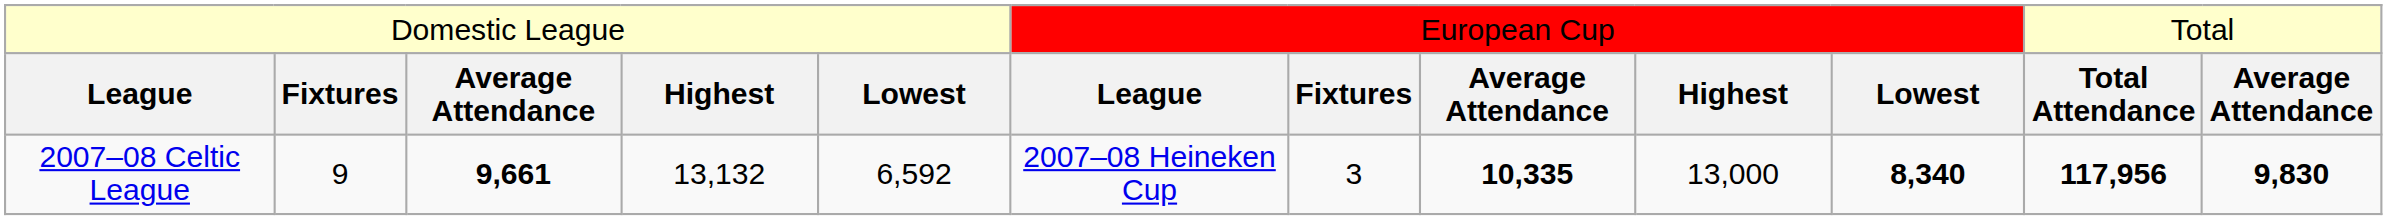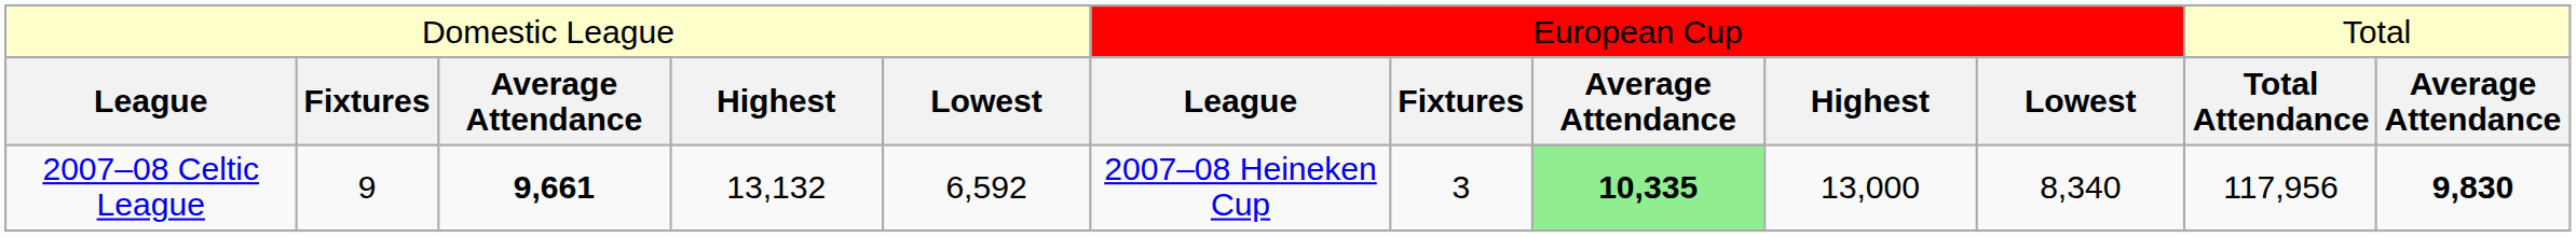 <table class="wikitable sortable" style="font-size:90%; width:90%;">
 <tr>
 <td colspan="5" class="wikitable sortable" style="width:45%; background:#ffffcc; text-align:center;"><span>Domestic League</span></td>
 <td colspan="5" class="wikitable sortable" style="width:45%; background:#f00; text-align:center;"><span>European Cup</span></td>
 <td colspan="2" class="wikitable sortable" style="width:45%; background:#ffffcc; text-align:center;"><span>Total</span></td>
 </tr>
 <tr>
 <th style="width:15%;">League</th>
 <th style="width:5%;">Fixtures</th>
 <th style="width:10%;">Average Attendance</th>
 <th style="width:10%;">Highest</th>
 <th style="width:10%;">Lowest</th>
 <th style="width:15%;">League</th>
 <th style="width:5%;">Fixtures</th>
 <th style="width:10%;">Average Attendance</th>
 <th style="width:10%;">Highest</th>
 <th style="width:10%;">Lowest</th>
 <th style="width:10%;">Total Attendance</th>
 <th style="width:10%;">Average Attendance</th>
 </tr>
 <tr>
 <td align=center><a href='#'>2007–08 Celtic League</a></td>
 <td align=center>9</td>
 <td align=center><strong>9,661</strong></td>
 <td align=center>13,132</td>
 <td align=center>6,592</td>
 <td align=center><a href='#'>2007–08 Heineken Cup</a></td>
 <td align=center>3</td>
-<td align=center><strong>10,335</strong></td>
+<td align=center style="background: lightgreen;"><strong>10,335</strong></td>
 <td align=center>13,000</td>
-<td align=center><strong>8,340</strong></td>
-<td align=center><strong>117,956</strong></td>
+<td align=center>8,340</td>
+<td align=center>117,956</td>
 <td align=center><strong>9,830</strong></td>
 </tr>
 </table>
